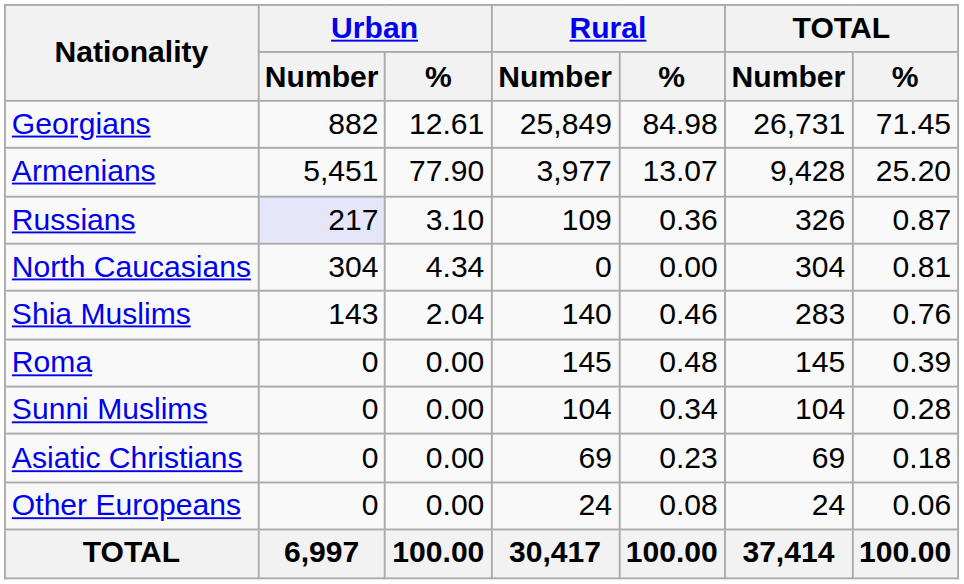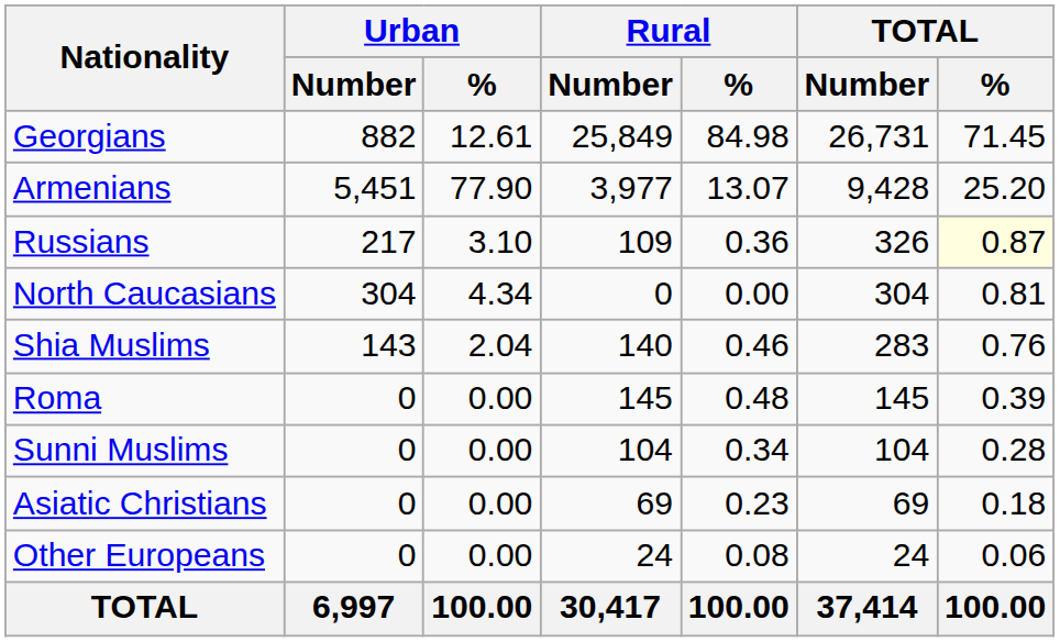 <table class="wikitable sortable">
 <tr>
 <th rowspan="2">Nationality</th>
 <th colspan="2"><a href='#'>Urban</a></th>
 <th colspan="2"><a href='#'>Rural</a></th>
 <th colspan="2">TOTAL</th>
 </tr>
 <tr>
 <th>Number</th>
 <th>%</th>
 <th>Number</th>
 <th>%</th>
 <th>Number</th>
 <th>%</th>
 </tr>
 <tr>
 <td><a href='#'>Georgians</a></td>
 <td align="right">882</td>
 <td align="right">12.61</td>
 <td align="right">25,849</td>
 <td align="right">84.98</td>
 <td align="right">26,731</td>
 <td align="right">71.45</td>
 </tr>
 <tr>
 <td><a href='#'>Armenians</a></td>
 <td align="right">5,451</td>
 <td align="right">77.90</td>
 <td align="right">3,977</td>
 <td align="right">13.07</td>
 <td align="right">9,428</td>
 <td align="right">25.20</td>
 </tr>
 <tr>
 <td><a href='#'>Russians</a></td>
-<td align="right" style="background: lavender;">217</td>
+<td align="right">217</td>
 <td align="right">3.10</td>
 <td align="right">109</td>
 <td align="right">0.36</td>
 <td align="right">326</td>
-<td align="right">0.87</td>
+<td align="right" style="background: lightyellow;">0.87</td>
 </tr>
 <tr>
 <td><a href='#'>North Caucasians</a></td>
 <td align="right">304</td>
 <td align="right">4.34</td>
 <td align="right">0</td>
 <td align="right">0.00</td>
 <td align="right">304</td>
 <td align="right">0.81</td>
 </tr>
 <tr>
 <td><a href='#'>Shia Muslims</a></td>
 <td align="right">143</td>
 <td align="right">2.04</td>
 <td align="right">140</td>
 <td align="right">0.46</td>
 <td align="right">283</td>
 <td align="right">0.76</td>
 </tr>
 <tr>
 <td><a href='#'>Roma</a></td>
 <td align="right">0</td>
 <td align="right">0.00</td>
 <td align="right">145</td>
 <td align="right">0.48</td>
 <td align="right">145</td>
 <td align="right">0.39</td>
 </tr>
 <tr>
 <td><a href='#'>Sunni Muslims</a></td>
 <td align="right">0</td>
 <td align="right">0.00</td>
 <td align="right">104</td>
 <td align="right">0.34</td>
 <td align="right">104</td>
 <td align="right">0.28</td>
 </tr>
 <tr>
 <td><a href='#'>Asiatic Christians</a></td>
 <td align="right">0</td>
 <td align="right">0.00</td>
 <td align="right">69</td>
 <td align="right">0.23</td>
 <td align="right">69</td>
 <td align="right">0.18</td>
 </tr>
 <tr>
 <td><a href='#'>Other Europeans</a></td>
 <td align="right">0</td>
 <td align="right">0.00</td>
 <td align="right">24</td>
 <td align="right">0.08</td>
 <td align="right">24</td>
 <td align="right">0.06</td>
 </tr>
 <tr>
 <th>TOTAL</th>
 <th>6,997</th>
 <th>100.00</th>
 <th>30,417</th>
 <th>100.00</th>
 <th>37,414</th>
 <th>100.00</th>
 </tr>
 </table>
